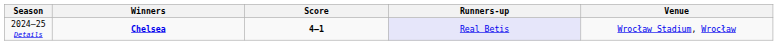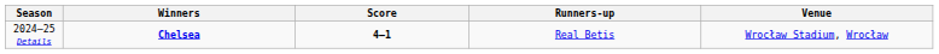 <table class="wikitable" style="text-align: center;">
 <tr>
 <th width=5%>Season</th>
 <th width=20%>Winners</th>
 <th width=15%>Score</th>
 <th width=20%>Runners-up</th>
 <th width=20%>Venue</th>
 </tr>
 <tr>
 <td rowspan=2>2024–25<br><small><em><a href='#'>Details</a></em></small></td>
 <td> <strong><a href='#'>Chelsea</a></strong></td>
 <td><strong>4–1</strong></td>
-<td style="background: lavender;"> <a href='#'>Real Betis</a></td>
+<td> <a href='#'>Real Betis</a></td>
 <td><a href='#'>Wrocław Stadium</a>, <a href='#'>Wrocław</a></td>
 </tr>
 </table>
